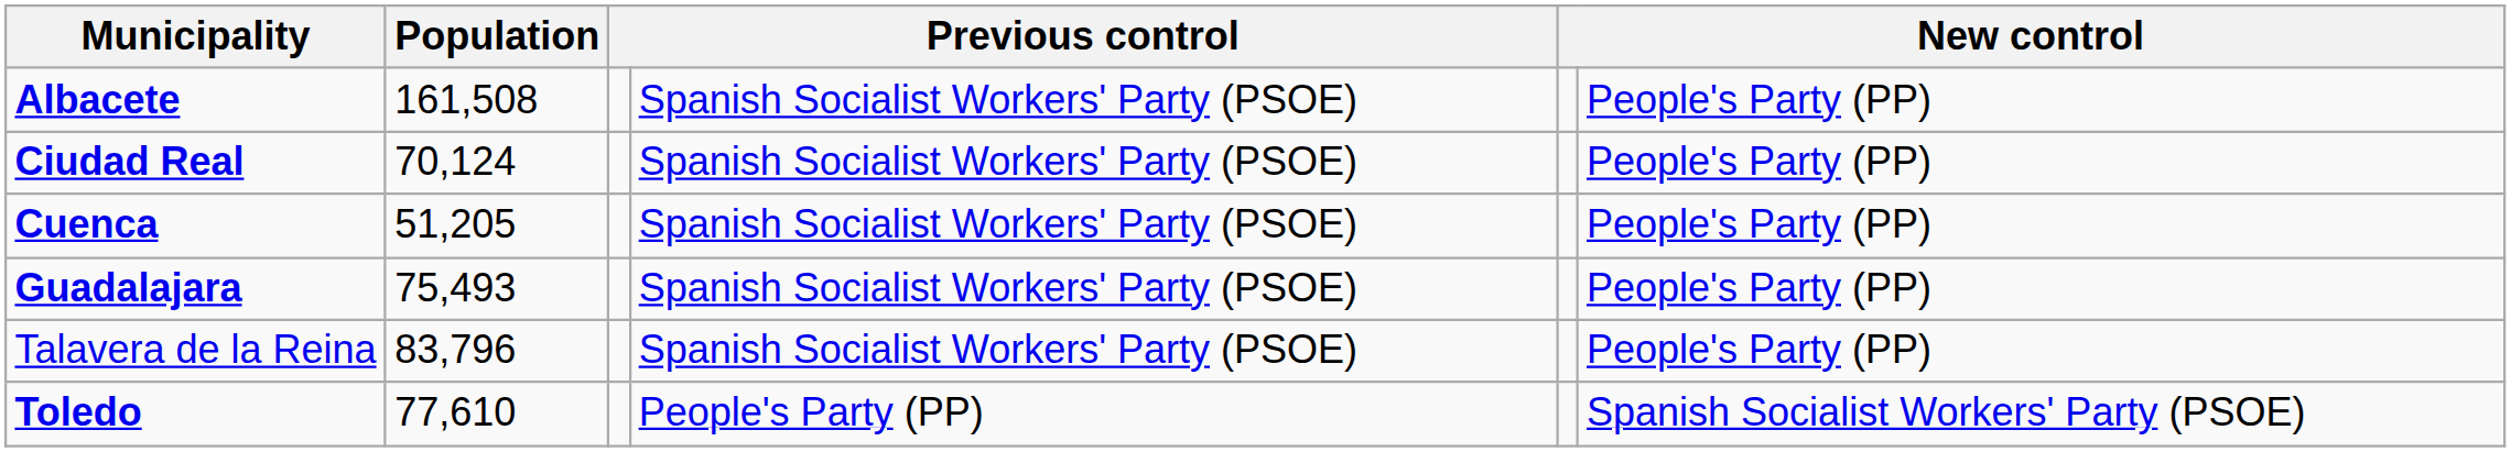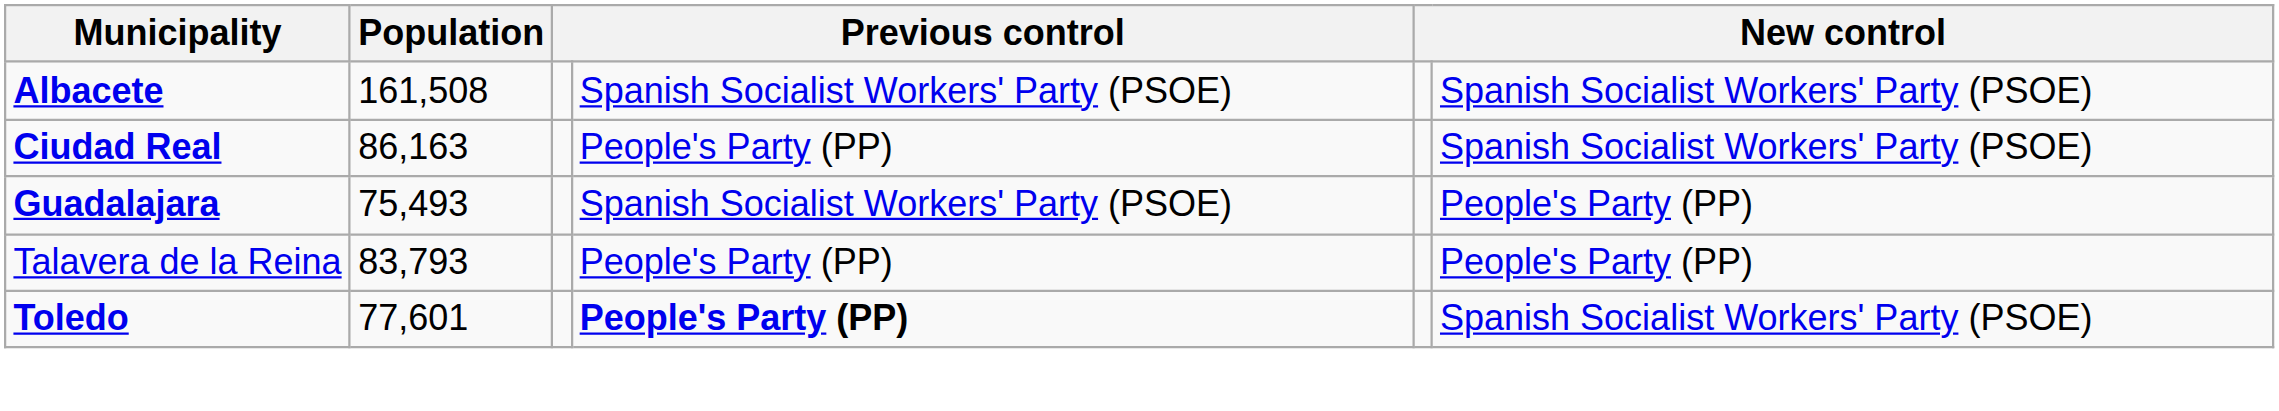 <table class="wikitable sortable">
 <tr>
 <th>Municipality</th>
 <th>Population</th>
 <th colspan="2" style="width:375px;">Previous control</th>
 <th colspan="2" style="width:375px;">New control</th>
 </tr>
 <tr>
 <td><strong><a href='#'>Albacete</a></strong></td>
 <td>161,508</td>
 <td width="1" style="color:inherit;background:"></td>
 <td><a href='#'>Spanish Socialist Workers' Party</a> (PSOE)</td>
 <td width="1" style="color:inherit;background:"></td>
-<td><a href='#'>People's Party</a> (PP)</td>
+<td><a href='#'>Spanish Socialist Workers' Party</a> (PSOE)</td>
 </tr>
 <tr>
 <td><strong><a href='#'>Ciudad Real</a></strong></td>
-<td>70,124</td>
+<td>86,163</td>
+<td style="color:inherit;background:"></td>
+<td><a href='#'>People's Party</a> (PP)</td>
 <td style="color:inherit;background:"></td>
 <td><a href='#'>Spanish Socialist Workers' Party</a> (PSOE)</td>
-<td style="color:inherit;background:"></td>
-<td><a href='#'>People's Party</a> (PP)</td>
-</tr>
-<tr>
-<td><strong><a href='#'>Cuenca</a></strong></td>
-<td>51,205</td>
-<td style="color:inherit;background:"></td>
-<td><a href='#'>Spanish Socialist Workers' Party</a> (PSOE)</td>
-<td style="color:inherit;background:"></td>
-<td><a href='#'>People's Party</a> (PP)</td>
 </tr>
 <tr>
 <td><strong><a href='#'>Guadalajara</a></strong></td>
 <td>75,493</td>
 <td style="color:inherit;background:"></td>
 <td><a href='#'>Spanish Socialist Workers' Party</a> (PSOE)</td>
 <td style="color:inherit;background:"></td>
 <td><a href='#'>People's Party</a> (PP)</td>
 </tr>
 <tr>
 <td><a href='#'>Talavera de la Reina</a></td>
-<td>83,796</td>
+<td>83,793</td>
 <td style="color:inherit;background:"></td>
-<td><a href='#'>Spanish Socialist Workers' Party</a> (PSOE)</td>
+<td><a href='#'>People's Party</a> (PP)</td>
 <td style="color:inherit;background:"></td>
 <td><a href='#'>People's Party</a> (PP)</td>
 </tr>
 <tr>
 <td><strong><a href='#'>Toledo</a></strong></td>
-<td>77,610</td>
+<td>77,601</td>
 <td style="color:inherit;background:"></td>
-<td><a href='#'>People's Party</a> (PP)</td>
+<td><strong><a href='#'>People's Party</a> (PP)</strong></td>
 <td style="color:inherit;background:"></td>
 <td><a href='#'>Spanish Socialist Workers' Party</a> (PSOE)</td>
 </tr>
 </table>
